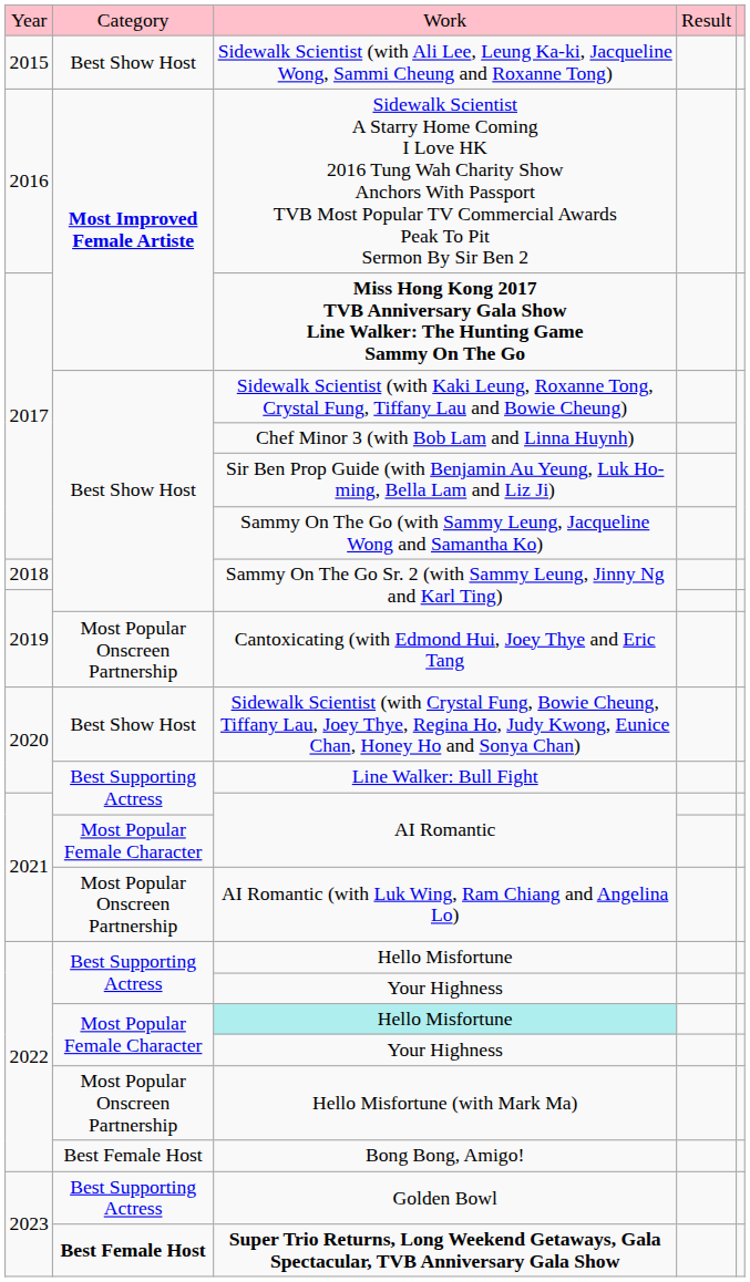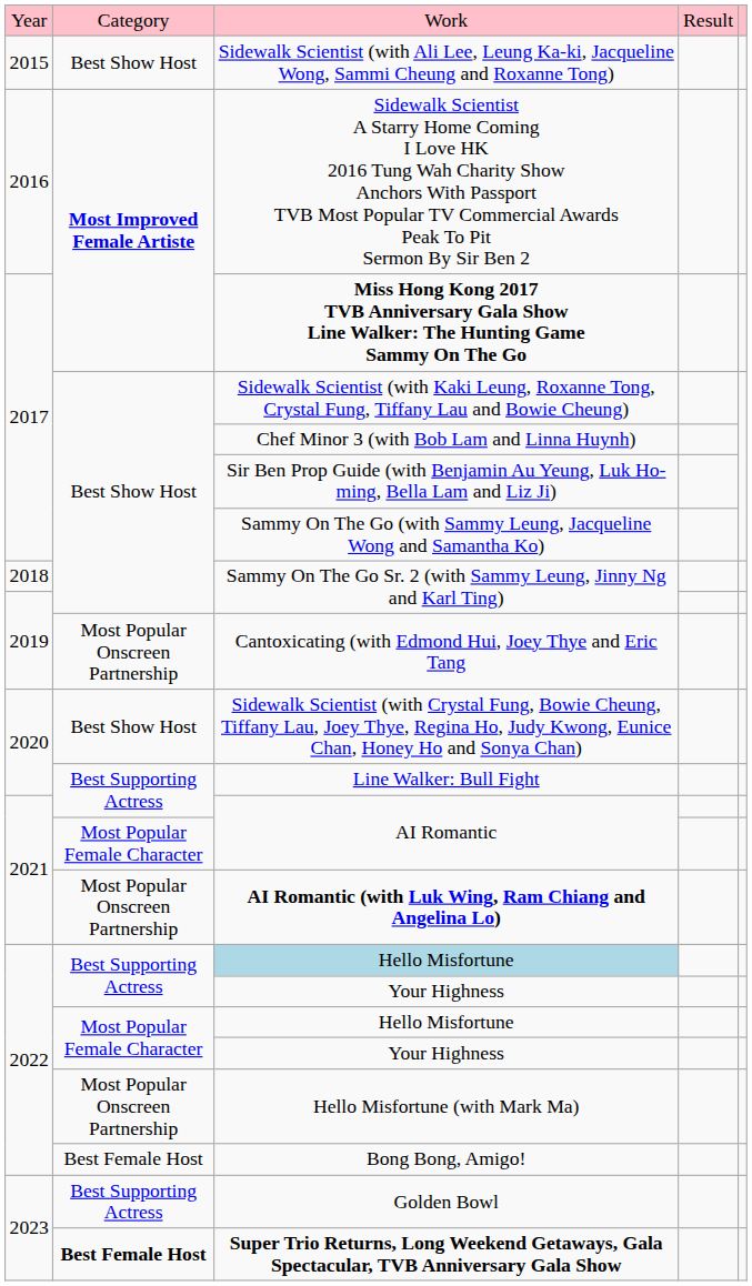 <table class="wikitable">
 <tr style="background:pink; color:black" align=center>
 <td>Year</td>
 <td>Category</td>
 <td>Work</td>
 <td>Result</td>
 <td class="unsortable"></td>
 </tr>
 <tr align="center">
 <td>2015</td>
 <td>Best Show Host</td>
 <td><a href='#'>Sidewalk Scientist</a> (with <a href='#'>Ali Lee</a>, <a href='#'>Leung Ka-ki</a>, <a href='#'>Jacqueline Wong</a>, <a href='#'>Sammi Cheung</a> and <a href='#'>Roxanne Tong</a>)</td>
 <td></td>
 <td></td>
 </tr>
 <tr align="center">
 <td>2016</td>
 <td rowspan=2><strong><a href='#'>Most Improved Female Artiste</a></strong></td>
 <td><a href='#'>Sidewalk Scientist</a> <br> A Starry Home Coming <br> I Love HK <br> 2016 Tung Wah Charity Show <br> Anchors With Passport <br> TVB Most Popular TV Commercial Awards <br> Peak To Pit <br> Sermon By Sir Ben 2</td>
 <td></td>
 <td></td>
 </tr>
 <tr align="center">
 <td rowspan="5">2017</td>
 <td><strong> Miss Hong Kong 2017 <br> TVB Anniversary Gala Show <br> Line Walker: The Hunting Game <br> Sammy On The Go </strong></td>
 <td></td>
 <td></td>
 </tr>
 <tr align="center">
 <td rowspan="6">Best Show Host</td>
 <td><a href='#'>Sidewalk Scientist</a> (with <a href='#'>Kaki Leung</a>, <a href='#'>Roxanne Tong</a>, <a href='#'>Crystal Fung</a>, <a href='#'>Tiffany Lau</a> and <a href='#'>Bowie Cheung</a>)</td>
 <td></td>
 <td rowspan="4"></td>
 </tr>
 <tr align="center">
 <td>Chef Minor 3 (with <a href='#'>Bob Lam</a> and <a href='#'>Linna Huynh</a>)</td>
 <td></td>
 </tr>
 <tr align="center">
 <td>Sir Ben Prop Guide (with <a href='#'>Benjamin Au Yeung</a>, <a href='#'>Luk Ho-ming</a>, <a href='#'>Bella Lam</a> and <a href='#'>Liz Ji</a>)</td>
 <td></td>
 </tr>
 <tr align="center">
 <td>Sammy On The Go (with <a href='#'>Sammy Leung</a>, <a href='#'>Jacqueline Wong</a> and <a href='#'>Samantha Ko</a>)</td>
 <td></td>
 </tr>
 <tr align="center">
 <td>2018</td>
 <td rowspan=2>Sammy On The Go Sr. 2 (with <a href='#'>Sammy Leung</a>, <a href='#'>Jinny Ng</a> and <a href='#'>Karl Ting</a>)</td>
 <td></td>
 <td></td>
 </tr>
 <tr align="center">
 <td rowspan=2>2019</td>
 <td></td>
 <td></td>
 </tr>
 <tr align="center">
 <td>Most Popular Onscreen Partnership</td>
 <td>Cantoxicating (with <a href='#'>Edmond Hui</a>, <a href='#'>Joey Thye</a> and <a href='#'>Eric Tang</a></td>
 <td></td>
 <td></td>
 </tr>
 <tr align="center">
 <td rowspan=2>2020</td>
 <td>Best Show Host</td>
 <td><a href='#'>Sidewalk Scientist</a> (with <a href='#'>Crystal Fung</a>, <a href='#'>Bowie Cheung</a>, <a href='#'>Tiffany Lau</a>, <a href='#'>Joey Thye</a>, <a href='#'>Regina Ho</a>, <a href='#'>Judy Kwong</a>, <a href='#'>Eunice Chan</a>, <a href='#'>Honey Ho</a> and <a href='#'>Sonya Chan</a>)</td>
 <td></td>
 <td></td>
 </tr>
 <tr align="center">
 <td rowspan=2><a href='#'>Best Supporting Actress</a></td>
 <td><a href='#'>Line Walker: Bull Fight</a></td>
 <td></td>
 <td></td>
 </tr>
 <tr align="center">
 <td rowspan="3">2021</td>
 <td rowspan="2">AI Romantic</td>
 <td></td>
 <td></td>
 </tr>
 <tr align="center">
 <td><a href='#'>Most Popular Female Character</a></td>
 <td></td>
 <td></td>
 </tr>
 <tr align="center">
 <td>Most Popular Onscreen Partnership</td>
-<td>AI Romantic (with <a href='#'>Luk Wing</a>, <a href='#'>Ram Chiang</a> and <a href='#'>Angelina Lo</a>)</td>
+<td><strong>AI Romantic (with <a href='#'>Luk Wing</a>, <a href='#'>Ram Chiang</a> and <a href='#'>Angelina Lo</a>)</strong></td>
 <td></td>
 <td></td>
 </tr>
 <tr align="center">
 <td rowspan="6">2022</td>
 <td rowspan="2"><a href='#'>Best Supporting Actress</a></td>
-<td>Hello Misfortune</td>
+<td style="background: lightblue;">Hello Misfortune</td>
 <td></td>
 <td></td>
 </tr>
 <tr align="center">
 <td>Your Highness</td>
 <td></td>
 <td></td>
 </tr>
 <tr align="center">
 <td rowspan="2"><a href='#'>Most Popular Female Character</a></td>
-<td style="background: paleturquoise;">Hello Misfortune</td>
+<td>Hello Misfortune</td>
 <td></td>
 <td></td>
 </tr>
 <tr align="center">
 <td>Your Highness</td>
 <td></td>
 <td></td>
 </tr>
 <tr align="center">
 <td>Most Popular Onscreen Partnership</td>
 <td>Hello Misfortune (with Mark Ma)</td>
 <td></td>
 <td></td>
 </tr>
 <tr align="center">
 <td>Best Female Host</td>
 <td>Bong Bong, Amigo!</td>
 <td></td>
 <td></td>
 </tr>
 <tr align="center">
 <td rowspan="2">2023</td>
 <td><a href='#'>Best Supporting Actress</a></td>
 <td>Golden Bowl</td>
 <td></td>
 <td></td>
 </tr>
 <tr align="center">
 <td><strong> Best Female Host </strong></td>
 <td><strong> Super Trio Returns, Long Weekend Getaways, Gala Spectacular, TVB Anniversary Gala Show </strong></td>
 <td></td>
 <td></td>
 </tr>
 </table>
